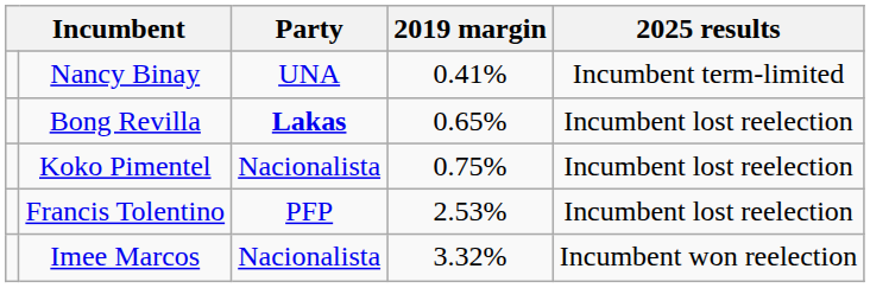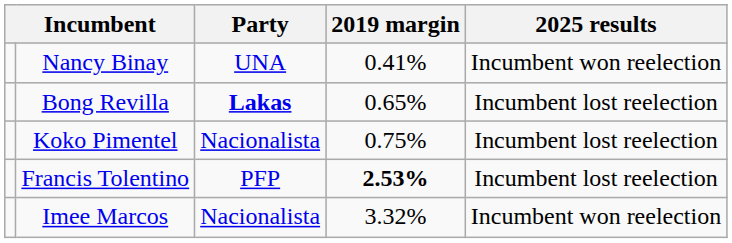 <table class="wikitable" style="font-size:98%; text-align:center;">
 <tr>
 <th colspan="2">Incumbent</th>
 <th>Party</th>
 <th>2019 margin</th>
 <th>2025 results</th>
 </tr>
 <tr>
 <td style="background:"></td>
 <td><a href='#'>Nancy Binay</a></td>
 <td><a href='#'>UNA</a></td>
 <td>0.41%</td>
-<td>Incumbent term-limited</td>
+<td>Incumbent won reelection</td>
 </tr>
 <tr>
 <td style="background:"></td>
 <td><a href='#'>Bong Revilla</a></td>
 <td><strong><a href='#'>Lakas</a></strong></td>
 <td>0.65%</td>
 <td>Incumbent lost reelection</td>
 </tr>
 <tr>
 <td style="background:"></td>
 <td><a href='#'>Koko Pimentel</a></td>
 <td><a href='#'>Nacionalista</a></td>
 <td>0.75%</td>
 <td>Incumbent lost reelection</td>
 </tr>
 <tr>
 <td style="background:"></td>
 <td><a href='#'>Francis Tolentino</a></td>
 <td><a href='#'>PFP</a></td>
-<td>2.53%</td>
+<td><strong>2.53%</strong></td>
 <td>Incumbent lost reelection</td>
 </tr>
 <tr>
 <td style="background:"></td>
 <td><a href='#'>Imee Marcos</a></td>
 <td><a href='#'>Nacionalista</a></td>
 <td>3.32%</td>
 <td>Incumbent won reelection</td>
 </tr>
 </table>
